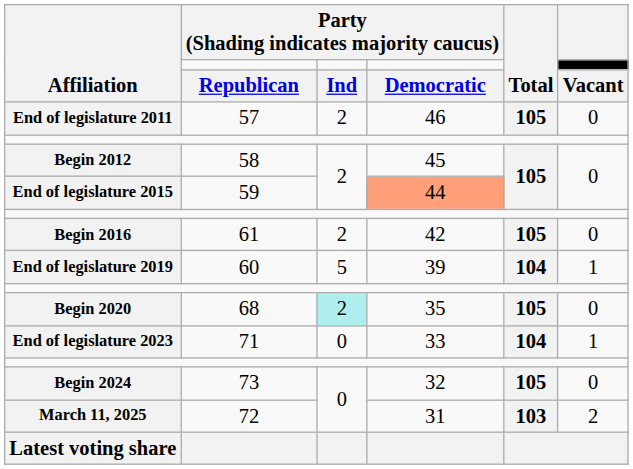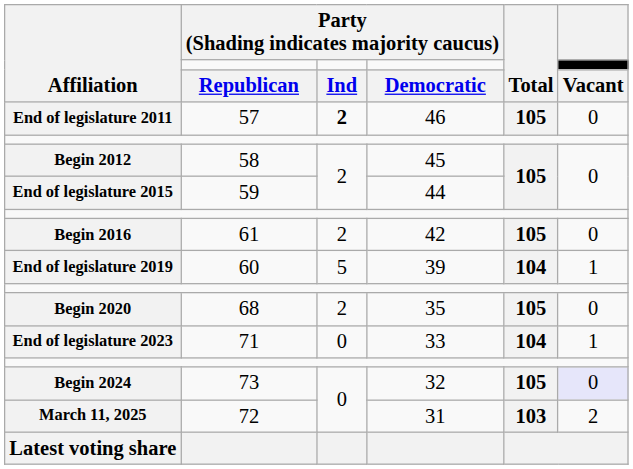 <table class=wikitable style="text-align:center">
 <tr style="vertical-align:bottom;">
 <th rowspan=3>Affiliation</th>
 <th colspan=3>Party <div>(Shading indicates majority caucus)</div></th>
 <th rowspan=3>Total</th>
 <th></th>
 </tr>
 <tr style="height:5px">
 <td style="background-color:"></td>
 <td style="background-color:"></td>
 <td style="background-color:"></td>
 <td style="background: black"></td>
 </tr>
 <tr>
 <th><a href='#'>Republican</a></th>
 <th><a href='#'>Ind</a></th>
 <th><a href='#'>Democratic</a></th>
 <th>Vacant</th>
 </tr>
 <tr>
 <th nowrap style="font-size:80%">End of legislature 2011</th>
 <td>57</td>
-<td>2</td>
+<td><strong>2</strong></td>
 <td>46</td>
 <th>105</th>
 <td>0</td>
 </tr>
 <tr>
 <td colspan=6></td>
 </tr>
 <tr>
 <th nowrap style="font-size:80%">Begin 2012</th>
 <td>58</td>
 <td rowspan=2>2</td>
 <td>45</td>
 <th rowspan=2>105</th>
 <td rowspan=2>0</td>
 </tr>
 <tr>
 <th nowrap style="font-size:80%">End of legislature 2015</th>
 <td>59</td>
-<td style="background: lightsalmon;">44</td>
+<td>44</td>
 </tr>
 <tr>
 <td colspan=6></td>
 </tr>
 <tr>
 <th nowrap style="font-size:80%">Begin 2016</th>
 <td>61</td>
 <td>2</td>
 <td>42</td>
 <th>105</th>
 <td>0</td>
 </tr>
 <tr>
 <th nowrap style="font-size:80%">End of legislature 2019</th>
 <td>60</td>
 <td>5</td>
 <td>39</td>
 <th>104</th>
 <td>1</td>
 </tr>
 <tr>
 <td colspan=6></td>
 </tr>
 <tr>
 <th nowrap style="font-size:80%">Begin 2020</th>
 <td>68</td>
-<td style="background: paleturquoise;">2</td>
+<td>2</td>
 <td>35</td>
 <th>105</th>
 <td>0</td>
 </tr>
 <tr>
 <th nowrap style="font-size:80%">End of legislature 2023</th>
 <td>71</td>
 <td>0</td>
 <td>33</td>
 <th>104</th>
 <td>1</td>
 </tr>
 <tr>
 <td colspan=6></td>
 </tr>
 <tr>
 <th nowrap style="font-size:80%">Begin 2024</th>
 <td>73</td>
 <td rowspan="2">0</td>
 <td>32</td>
 <th>105</th>
-<td>0</td>
+<td style="background: lavender;">0</td>
 </tr>
 <tr>
 <th nowrap style="font-size:80%">March 11, 2025</th>
 <td>72</td>
 <td>31</td>
 <th>103</th>
 <td>2</td>
 </tr>
 <tr>
 <th>Latest voting share</th>
 <th></th>
 <th></th>
 <th></th>
 <th colspan=2></th>
 </tr>
 </table>
